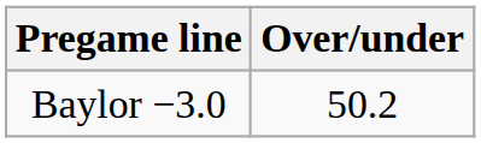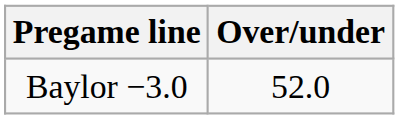 <table class="wikitable" style="margin-left: auto; margin-right: auto; border: none; display: inline-table;">
 <tr align="center">
 <th style=>Pregame line</th>
 <th style=>Over/under</th>
 </tr>
 <tr align="center">
 <td>Baylor −3.0</td>
-<td>50.2</td>
+<td>52.0</td>
 </tr>
 </table>
